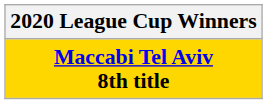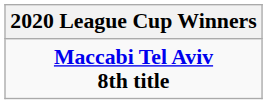 <table class=wikitable style="text-align:center; margin:auto">
 <tr>
 <th>2020 League Cup Winners</th>
 </tr>
 <tr>
-<td style="background: gold;"><strong><a href='#'>Maccabi Tel Aviv</a></strong> <br> <strong>8th title</strong></td>
+<td><strong><a href='#'>Maccabi Tel Aviv</a></strong> <br> <strong>8th title</strong></td>
 </tr>
 </table>
